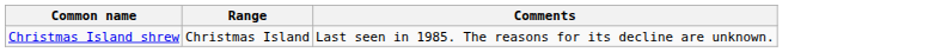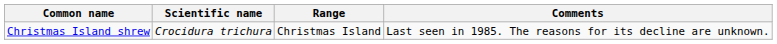 <table class="wikitable">
 <tr>
 <th>Common name</th>
+<th>Scientific name</th>
 <th>Range</th>
 <th class="unsortable">Comments</th>
 </tr>
 <tr>
 <td><a href='#'>Christmas Island shrew</a></td>
+<td><em>Crocidura trichura</em></td>
 <td>Christmas Island</td>
 <td>Last seen in 1985. The reasons for its decline are unknown.</td>
 </tr>
 </table>
